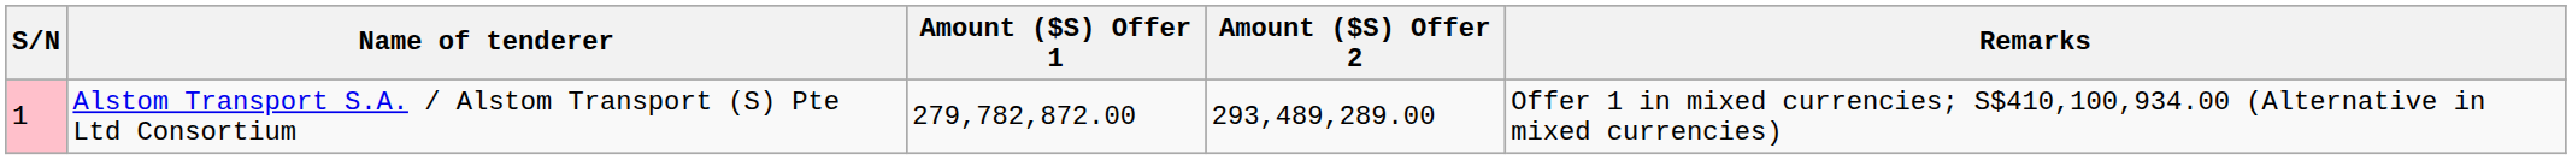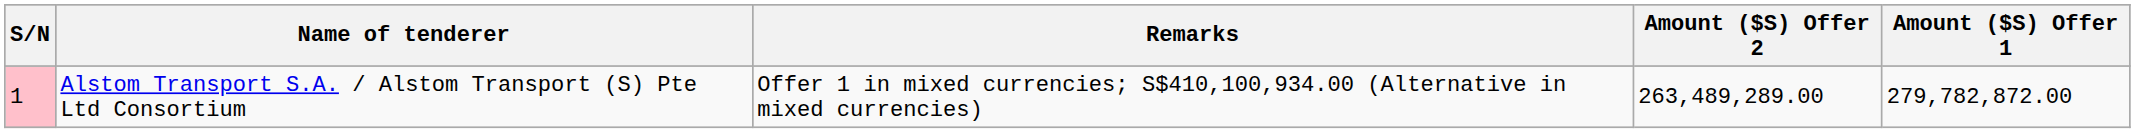 <table class="wikitable">
 <tr>
 <th>S/N</th>
 <th>Name of tenderer</th>
+<th>Remarks</th>
+<th>Amount ($S) Offer 2</th>
 <th>Amount ($S) Offer 1</th>
-<th>Amount ($S) Offer 2</th>
-<th>Remarks</th>
 </tr>
 <tr>
 <td style="background: pink;">1</td>
 <td><a href='#'>Alstom Transport S.A.</a> / Alstom Transport (S) Pte Ltd Consortium</td>
+<td>Offer 1 in mixed currencies; S$410,100,934.00 (Alternative in mixed currencies)</td>
+<td>263,489,289.00</td>
 <td>279,782,872.00</td>
-<td>293,489,289.00</td>
-<td>Offer 1 in mixed currencies; S$410,100,934.00 (Alternative in mixed currencies)</td>
 </tr>
 </table>
